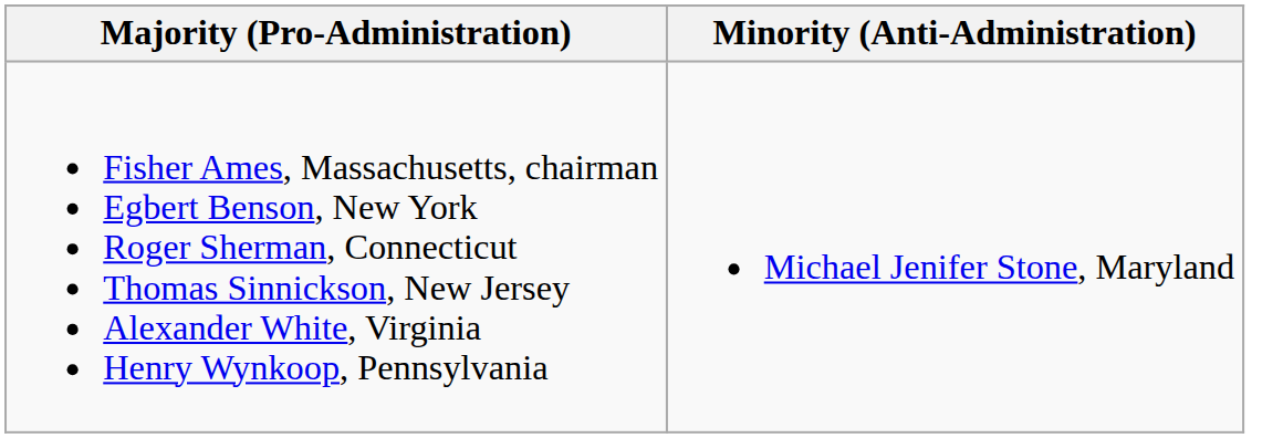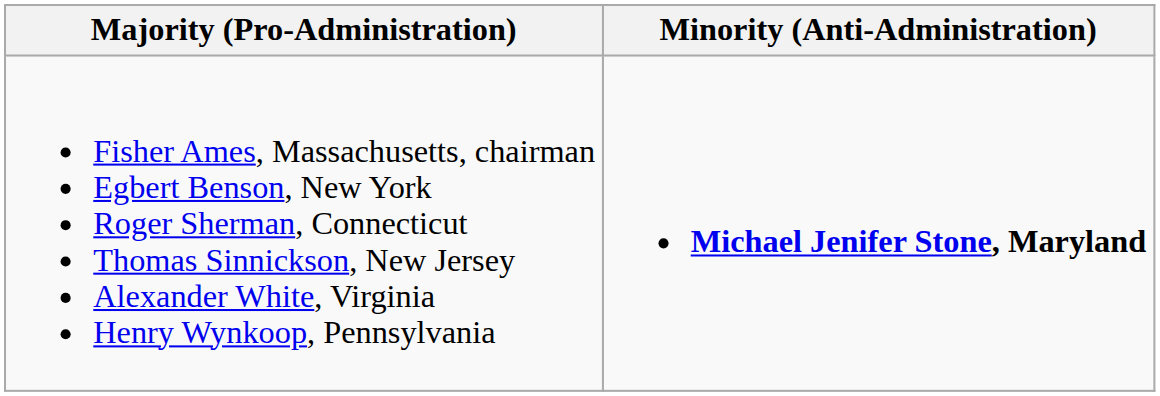 <table class=wikitable>
 <tr>
 <th>Majority (Pro-Administration)</th>
 <th>Minority (Anti-Administration)</th>
 </tr>
 <tr>
 <td><br><ul><li><a href='#'>Fisher Ames</a>, Massachusetts, chairman</li><li><a href='#'>Egbert Benson</a>, New York</li><li><a href='#'>Roger Sherman</a>, Connecticut</li><li><a href='#'>Thomas Sinnickson</a>, New Jersey</li><li><a href='#'>Alexander White</a>, Virginia</li><li><a href='#'>Henry Wynkoop</a>, Pennsylvania</li></ul></td>
-<td><br><ul><li><a href='#'>Michael Jenifer Stone</a>, Maryland</li></ul></td>
+<td><strong><br><ul><li><a href='#'>Michael Jenifer Stone</a>, Maryland</li></ul></strong></td>
 </tr>
 </table>
